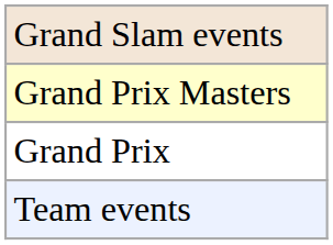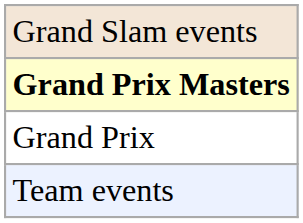 <table class="wikitable" style="font-size:95%;" width=11%>
 <tr style="background:#f3e6d7;">
 <td>Grand Slam events</td>
 </tr>
 <tr style="background:#ffffcc;">
-<td>Grand Prix Masters</td>
+<td><strong>Grand Prix Masters</strong></td>
 </tr>
 <tr style="background:#ffffff;">
 <td>Grand Prix</td>
 </tr>
 <tr style="background:#ecf2ff;">
 <td>Team events</td>
 </tr>
 </table>
